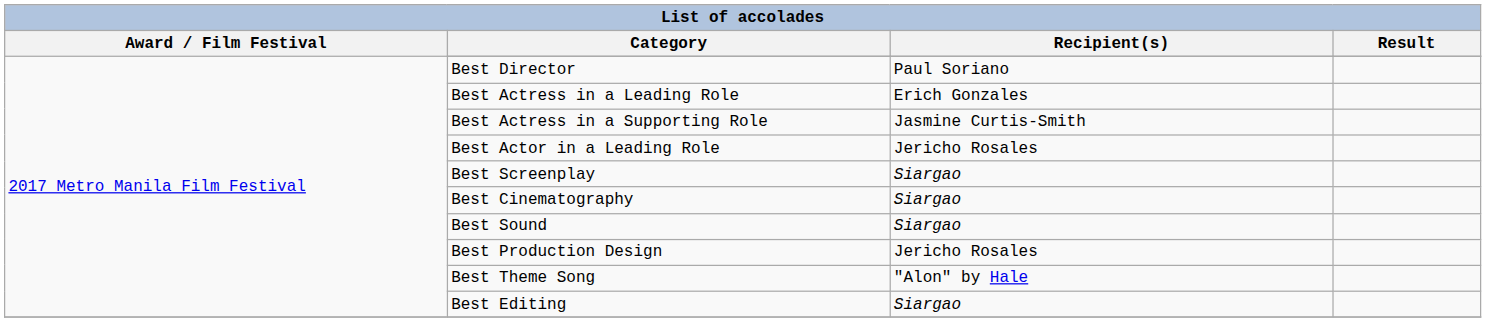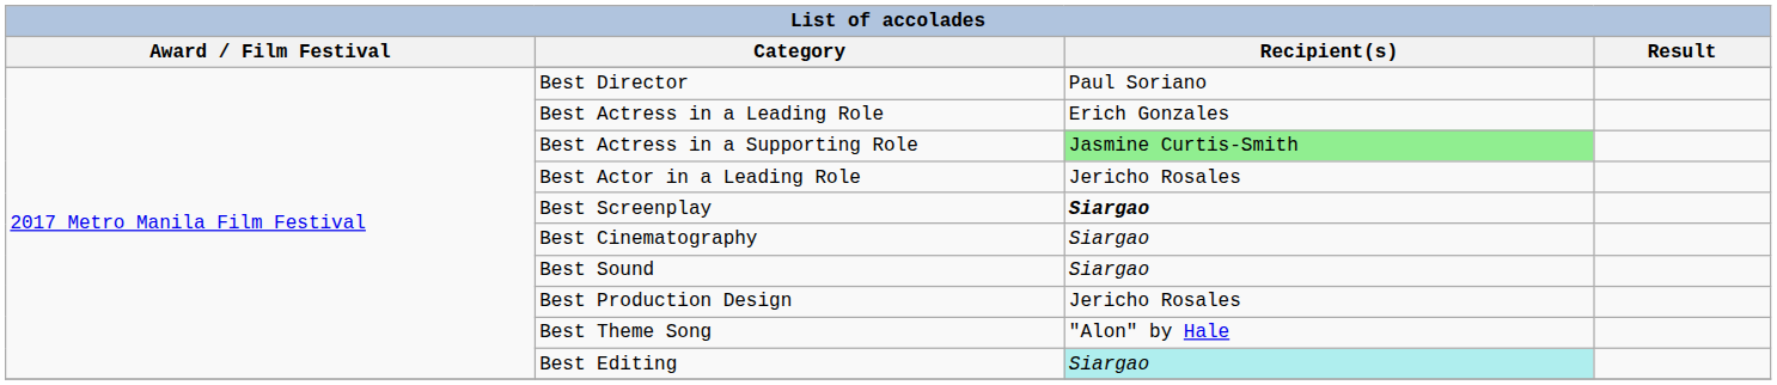 <table class="wikitable sortable" style="width:95%;">
 <tr style="background:#ccc; text-align:center;">
 <th colspan=5 style="background:#B0C4DE;">List of accolades</th>
 </tr>
 <tr style="background:#ccc; text-align:center;">
 <th scope="col" style="width:30%;">Award / Film Festival</th>
 <th scope="col" style="width:30%;">Category</th>
 <th scope="col" style="width:30%;">Recipient(s)</th>
 <th scope="col" style="width:10%;">Result</th>
 </tr>
 <tr>
 <td rowspan=11><a href='#'>2017 Metro Manila Film Festival</a></td>
 </tr>
 <tr>
 <td>Best Director</td>
 <td>Paul Soriano</td>
 <td></td>
 </tr>
 <tr>
 <td>Best Actress in a Leading Role</td>
 <td>Erich Gonzales</td>
 <td></td>
 </tr>
 <tr>
 <td>Best Actress in a Supporting Role</td>
-<td>Jasmine Curtis-Smith</td>
+<td style="background: lightgreen;">Jasmine Curtis-Smith</td>
 <td></td>
 </tr>
 <tr>
 <td>Best Actor in a Leading Role</td>
 <td>Jericho Rosales</td>
 <td></td>
 </tr>
 <tr>
 <td>Best Screenplay</td>
-<td><em>Siargao</em></td>
+<td><strong><em>Siargao</em></strong></td>
 <td></td>
 </tr>
 <tr>
 <td>Best Cinematography</td>
 <td><em>Siargao</em></td>
 <td></td>
 </tr>
 <tr>
 <td>Best Sound</td>
 <td><em>Siargao</em></td>
 <td></td>
 </tr>
 <tr>
 <td>Best Production Design</td>
 <td>Jericho Rosales</td>
 <td></td>
 </tr>
 <tr>
 <td>Best Theme Song</td>
 <td>"Alon" by <a href='#'>Hale</a></td>
 <td></td>
 </tr>
 <tr>
 <td>Best Editing</td>
-<td><em>Siargao</em></td>
+<td style="background: paleturquoise;"><em>Siargao</em></td>
 <td></td>
 </tr>
 <tr>
 </tr>
 </table>
